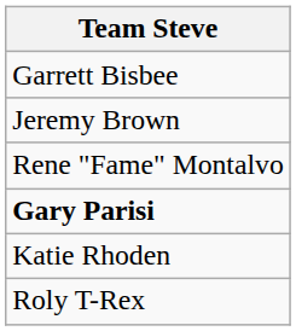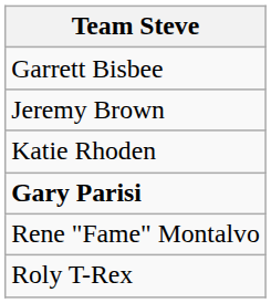 <table class="wikitable" style="display: inline-table;">
 <tr>
 <th>Team Steve</th>
 </tr>
 <tr>
 <td>Garrett Bisbee</td>
 </tr>
 <tr>
 <td>Jeremy Brown</td>
 </tr>
 <tr>
-<td>Rene "Fame" Montalvo</td>
+<td>Katie Rhoden</td>
 </tr>
 <tr>
 <td><strong>Gary Parisi</strong></td>
 </tr>
 <tr>
-<td>Katie Rhoden</td>
+<td>Rene "Fame" Montalvo</td>
 </tr>
 <tr>
 <td>Roly T-Rex</td>
 </tr>
 </table>
